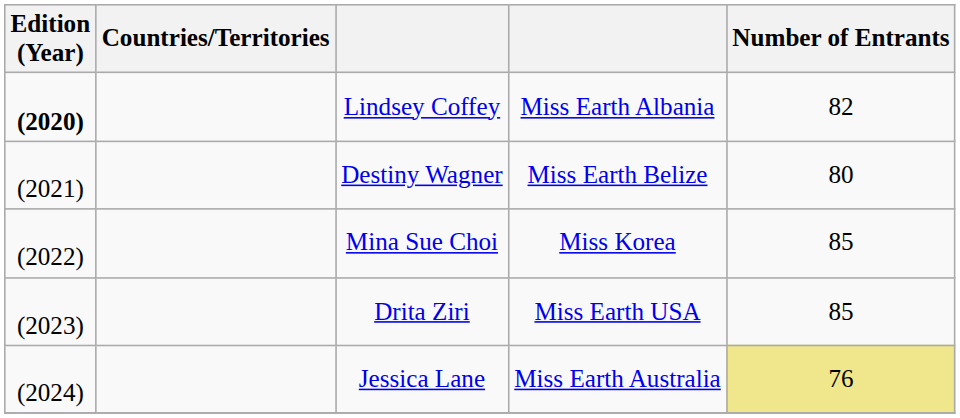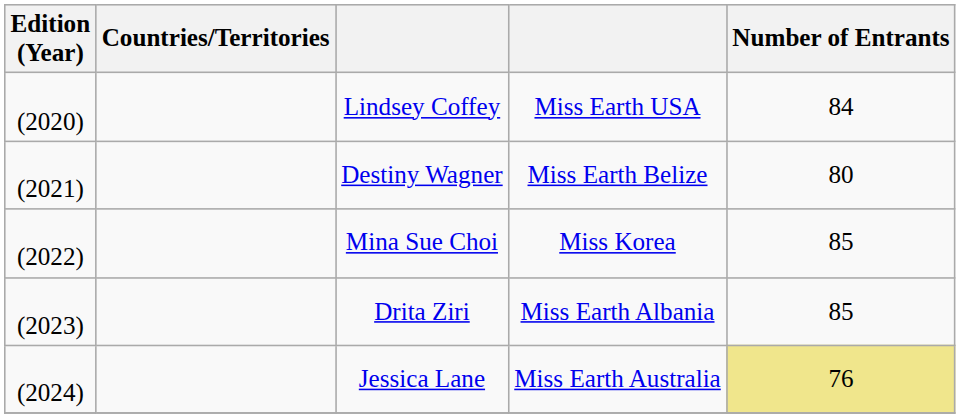 <table class="wikitable sortable" style="text-align:center;">
 <tr>
 <th>Edition<br>(Year)</th>
 <th>Countries/Territories</th>
 <th></th>
 <th></th>
 <th>Number of Entrants</th>
 </tr>
 <tr>
-<td><strong><br>(2020)</strong></td>
+<td><br>(2020)</td>
 <td></td>
 <td><a href='#'>Lindsey Coffey</a></td>
-<td><a href='#'>Miss Earth Albania</a></td>
-<td>82</td>
+<td><a href='#'>Miss Earth USA</a></td>
+<td>84</td>
 </tr>
 <tr>
 <td><br>(2021)</td>
 <td></td>
 <td><a href='#'>Destiny Wagner</a></td>
 <td><a href='#'>Miss Earth Belize</a></td>
 <td>80</td>
 </tr>
 <tr>
 <td><br>(2022)</td>
 <td></td>
 <td><a href='#'>Mina Sue Choi</a></td>
 <td><a href='#'>Miss Korea</a></td>
 <td>85</td>
 </tr>
 <tr>
 <td><br>(2023)</td>
 <td></td>
 <td><a href='#'>Drita Ziri</a></td>
-<td><a href='#'>Miss Earth USA</a></td>
+<td><a href='#'>Miss Earth Albania</a></td>
 <td>85</td>
 </tr>
 <tr>
 <td><br>(2024)</td>
 <td></td>
 <td><a href='#'>Jessica Lane</a></td>
 <td><a href='#'>Miss Earth Australia</a></td>
 <td style="background: khaki;">76</td>
 </tr>
 <tr>
 </tr>
 </table>
